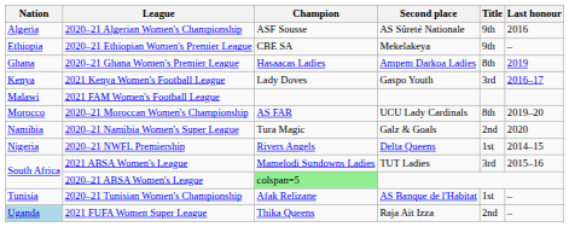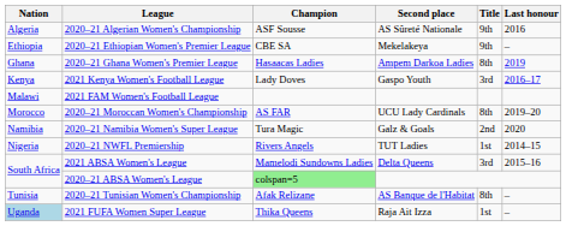 <table class=wikitable style="font-size:14px">
 <tr>
 <th>Nation</th>
 <th>League</th>
 <th>Champion</th>
 <th>Second place</th>
 <th data-sort-type="number">Title</th>
 <th>Last honour</th>
 </tr>
 <tr>
 <td> <a href='#'>Algeria</a></td>
 <td><a href='#'>2020–21 Algerian Women's Championship</a></td>
 <td>ASF Sousse</td>
 <td>AS Sûreté Nationale</td>
 <td>9th</td>
 <td>2016</td>
 </tr>
 <tr>
 <td> <a href='#'>Ethiopia</a></td>
 <td><a href='#'>2020–21 Ethiopian Women's Premier League</a></td>
 <td>CBE SA</td>
 <td>Mekelakeya</td>
 <td>9th</td>
 <td>–</td>
 </tr>
 <tr>
 <td> <a href='#'>Ghana</a></td>
 <td><a href='#'>2020–21 Ghana Women's Premier League</a></td>
 <td><a href='#'>Hasaacas Ladies</a></td>
 <td><a href='#'>Ampem Darkoa Ladies</a></td>
 <td>8th</td>
 <td><a href='#'>2019</a></td>
 </tr>
 <tr>
 <td> <a href='#'>Kenya</a></td>
 <td><a href='#'>2021 Kenya Women's Football League</a></td>
 <td>Lady Doves</td>
 <td>Gaspo Youth</td>
 <td>3rd</td>
 <td><a href='#'>2016–17</a></td>
 </tr>
 <tr>
 <td> <a href='#'>Malawi</a></td>
 <td><a href='#'>2021 FAM Women's Football League</a></td>
 <td></td>
 <td></td>
 <td></td>
 <td></td>
 </tr>
 <tr>
 <td> <a href='#'>Morocco</a></td>
 <td><a href='#'>2020–21 Moroccan Women's Championship</a></td>
 <td><a href='#'>AS FAR</a></td>
 <td>UCU Lady Cardinals</td>
 <td>8th</td>
 <td>2019–20</td>
 </tr>
 <tr>
 <td> <a href='#'>Namibia</a></td>
 <td><a href='#'>2020–21 Namibia Women's Super League</a></td>
 <td>Tura Magic</td>
 <td>Galz & Goals</td>
 <td>2nd</td>
 <td>2020</td>
 </tr>
 <tr>
 <td> <a href='#'>Nigeria</a></td>
 <td><a href='#'>2020–21 NWFL Premiership</a></td>
 <td><a href='#'>Rivers Angels</a></td>
-<td><a href='#'>Delta Queens</a></td>
+<td>TUT Ladies</td>
 <td>1st</td>
 <td>2014–15</td>
 </tr>
 <tr>
 <td rowspan="2" style="text-align:left;"> <a href='#'>South Africa</a></td>
 <td align=left><a href='#'>2021 ABSA Women's League</a></td>
 <td><a href='#'>Mamelodi Sundowns Ladies</a></td>
-<td>TUT Ladies</td>
+<td><a href='#'>Delta Queens</a></td>
 <td>3rd</td>
 <td>2015–16</td>
 </tr>
 <tr>
 <td align=left><a href='#'>2020–21 ABSA Women's League</a></td>
 <td style="background: lightgreen;">colspan=5 </td>
 </tr>
 <tr>
 <td> <a href='#'>Tunisia</a></td>
 <td><a href='#'>2020–21 Tunisian Women's Championship</a></td>
 <td><a href='#'>Afak Relizane</a></td>
 <td><a href='#'>AS Banque de l'Habitat</a></td>
-<td>1st</td>
+<td>8th</td>
 <td>–</td>
 </tr>
 <tr>
 <td style="background: lightblue;"> <a href='#'>Uganda</a></td>
 <td><a href='#'>2021 FUFA Women Super League</a></td>
 <td><a href='#'>Thika Queens</a></td>
 <td>Raja Ait Izza</td>
-<td>2nd</td>
+<td>1st</td>
 <td>–</td>
 </tr>
 </table>
